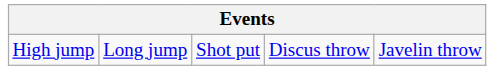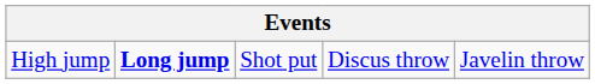 <table class="wikitable" style="margin: 1em auto 1em auto">
 <tr>
 <th colspan=5>Events</th>
 </tr>
 <tr>
 <td><a href='#'>High jump</a></td>
-<td><a href='#'>Long jump</a></td>
+<td><strong><a href='#'>Long jump</a></strong></td>
 <td><a href='#'>Shot put</a></td>
 <td><a href='#'>Discus throw</a></td>
 <td><a href='#'>Javelin throw</a></td>
 </tr>
 </table>
